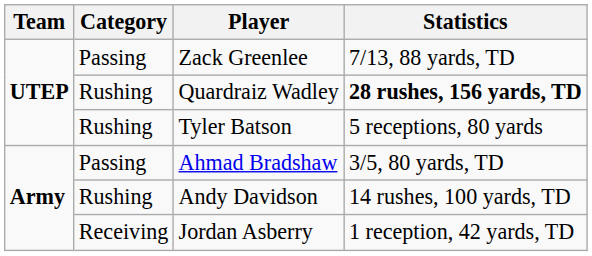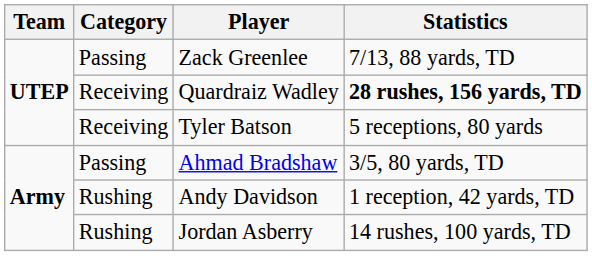 <table class="wikitable" style="float: left;">
 <tr>
 <th>Team</th>
 <th>Category</th>
 <th>Player</th>
 <th>Statistics</th>
 </tr>
 <tr>
 <td rowspan=3><strong>UTEP</strong></td>
 <td>Passing</td>
 <td>Zack Greenlee</td>
 <td>7/13, 88 yards, TD</td>
 </tr>
 <tr>
-<td>Rushing</td>
+<td>Receiving</td>
 <td>Quardraiz Wadley</td>
 <td><strong>28 rushes, 156 yards, TD</strong></td>
 </tr>
 <tr>
-<td>Rushing</td>
+<td>Receiving</td>
 <td>Tyler Batson</td>
 <td>5 receptions, 80 yards</td>
 </tr>
 <tr>
 <td rowspan=3><strong>Army</strong></td>
 <td>Passing</td>
 <td><a href='#'>Ahmad Bradshaw</a></td>
 <td>3/5, 80 yards, TD</td>
 </tr>
 <tr>
 <td>Rushing</td>
 <td>Andy Davidson</td>
+<td>1 reception, 42 yards, TD</td>
+</tr>
+<tr>
+<td>Rushing</td>
+<td>Jordan Asberry</td>
 <td>14 rushes, 100 yards, TD</td>
 </tr>
-<tr>
-<td>Receiving</td>
-<td>Jordan Asberry</td>
-<td>1 reception, 42 yards, TD</td>
-</tr>
 </table>
